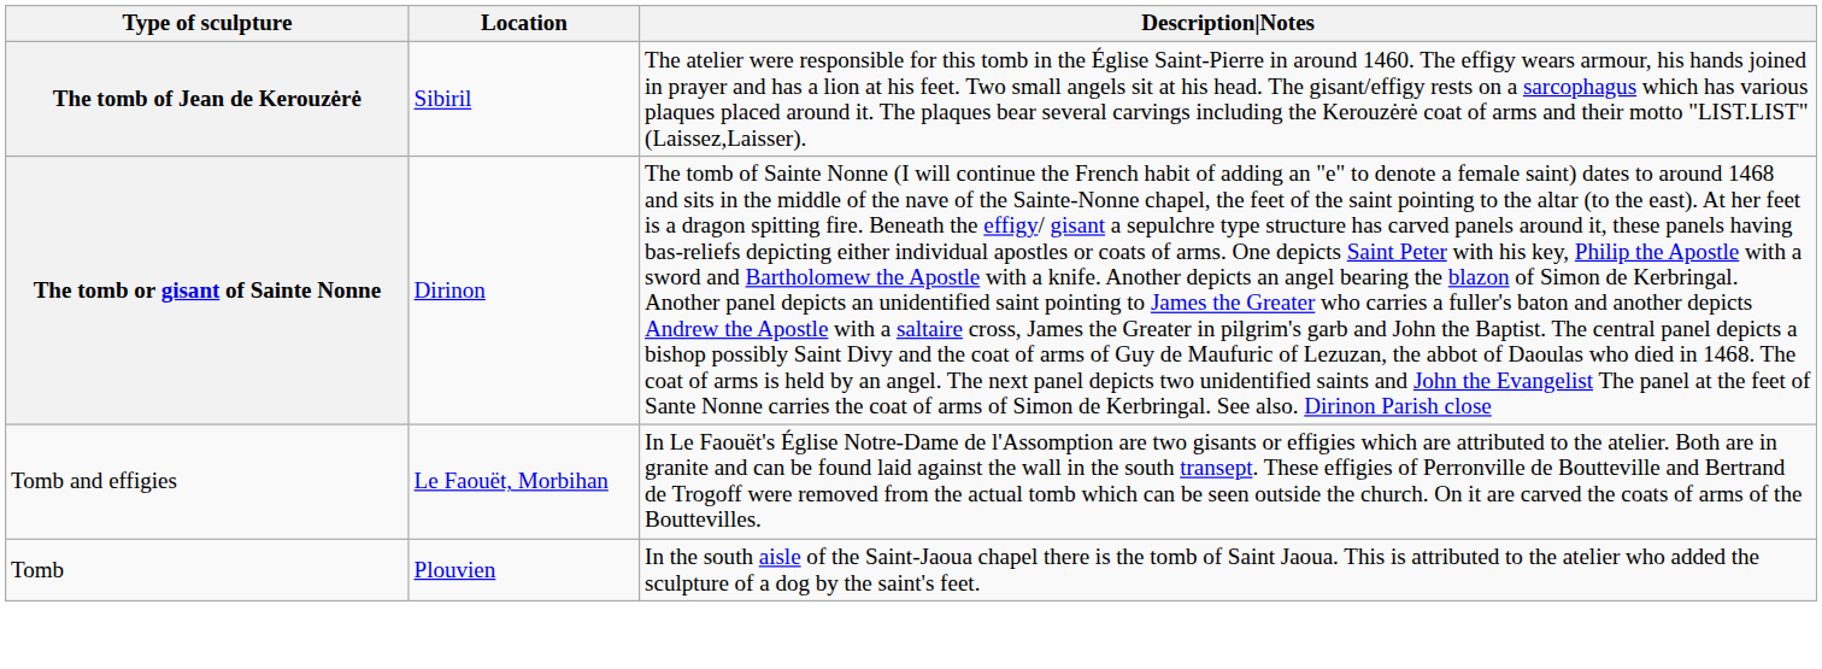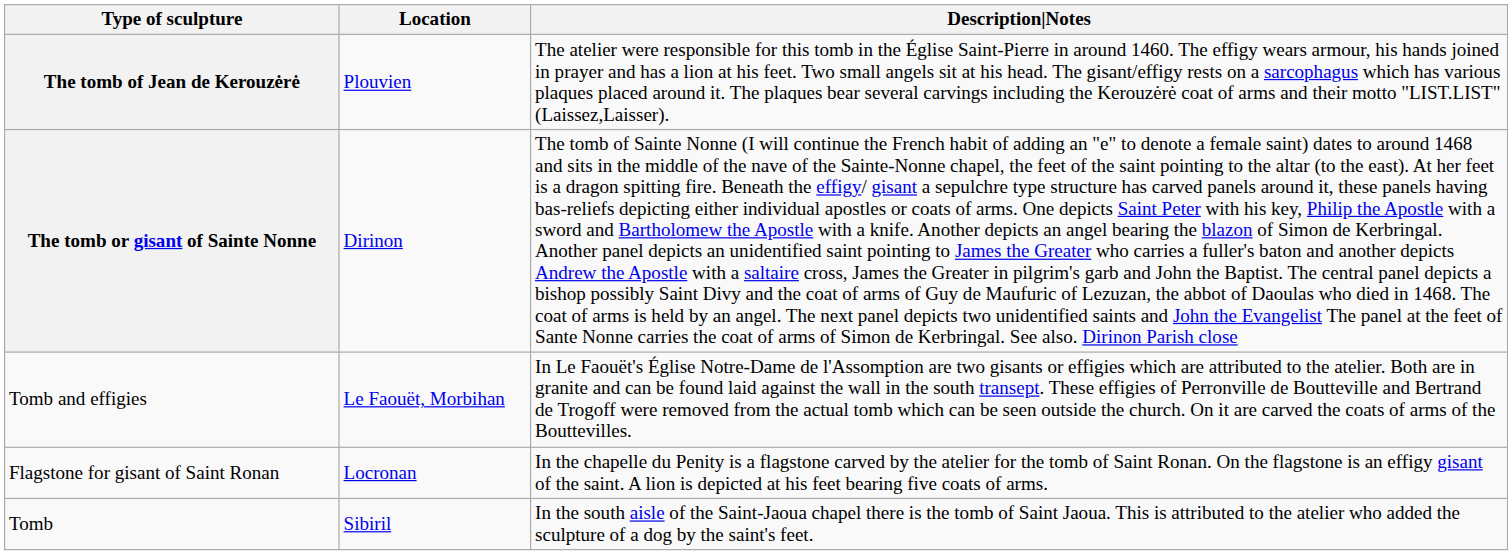 <table class="wikitable sortable" style="width:100%; margin-top:0.5em;">
 <tr>
 <th scope="col">Type of sculpture</th>
 <th scope="col">Location</th>
 <th scope="col" style="width:65%;">Description|Notes</th>
 </tr>
 <tr>
 <th scope="row">The tomb of Jean de Kerouzėrė</th>
-<td><a href='#'>Sibiril</a></td>
+<td><a href='#'>Plouvien</a></td>
 <td>The atelier were responsible for this tomb in the Église Saint-Pierre in around 1460. The effigy wears armour, his hands joined in prayer and has a lion at his feet. Two small angels sit at his head. The gisant/effigy rests on a <a href='#'>sarcophagus</a> which has various plaques placed around it. The plaques bear several carvings including the  Kerouzėrė coat of arms and their motto "LIST.LIST" (Laissez,Laisser).</td>
 </tr>
 <tr>
 <th scope="row">The tomb or <a href='#'>gisant</a> of Sainte Nonne</th>
 <td><a href='#'>Dirinon</a></td>
 <td>The tomb of Sainte Nonne (I will continue the French habit of adding an "e" to denote a female saint) dates to around 1468 and sits in the middle of the nave of the Sainte-Nonne chapel, the feet of the saint pointing to the altar (to the east). At her feet is a dragon spitting fire. Beneath the <a href='#'>effigy</a>/ <a href='#'>gisant</a> a sepulchre type structure has carved panels around it, these panels having bas-reliefs depicting either individual apostles or coats of arms. One depicts <a href='#'>Saint Peter</a> with his key, <a href='#'>Philip the Apostle</a> with a sword and <a href='#'>Bartholomew the Apostle</a> with a knife. Another depicts an angel bearing the <a href='#'>blazon</a> of Simon de Kerbringal. Another panel depicts an unidentified saint pointing to <a href='#'>James the Greater</a> who carries a fuller's baton and another depicts <a href='#'>Andrew the Apostle</a> with a <a href='#'>saltaire</a>  cross, James the Greater in pilgrim's garb and John the Baptist. The central panel depicts a bishop possibly Saint Divy and the coat of arms of Guy de Maufuric of Lezuzan, the abbot of Daoulas who died in 1468. The coat of arms is held by an angel. The next panel depicts two unidentified saints and <a href='#'>John the Evangelist</a>  The panel at the feet of Sante Nonne carries the coat of arms of Simon de Kerbringal. See also. <a href='#'>Dirinon Parish close</a></td>
 </tr>
 <tr>
 <td>Tomb and effigies</td>
 <td><a href='#'>Le Faouët, Morbihan</a></td>
 <td>In Le Faouët's Église Notre-Dame de l'Assomption are two gisants or effigies which are attributed to the atelier. Both are in granite and can be found laid against the wall in the south <a href='#'>transept</a>. These effigies of Perronville de Boutteville and Bertrand de Trogoff were removed from the actual tomb which can be seen outside the church. On it are carved the coats of arms of the Bouttevilles.<br> </td>
 </tr>
 <tr>
+<td>Flagstone for gisant of Saint Ronan</td>
+<td><a href='#'>Locronan</a></td>
+<td>In the chapelle du Penity is a flagstone carved by the atelier for the tomb of Saint Ronan. On the flagstone is an effigy <a href='#'>gisant</a> of the saint. A lion is depicted at his feet bearing five coats of arms.</td>
+</tr>
+<tr>
 <td>Tomb</td>
-<td><a href='#'>Plouvien</a></td>
+<td><a href='#'>Sibiril</a></td>
 <td>In the south <a href='#'>aisle</a> of the Saint-Jaoua chapel there is the tomb of Saint Jaoua. This is attributed to the atelier who added the sculpture of a dog by the saint's feet.<br></td>
 </tr>
 </table>
